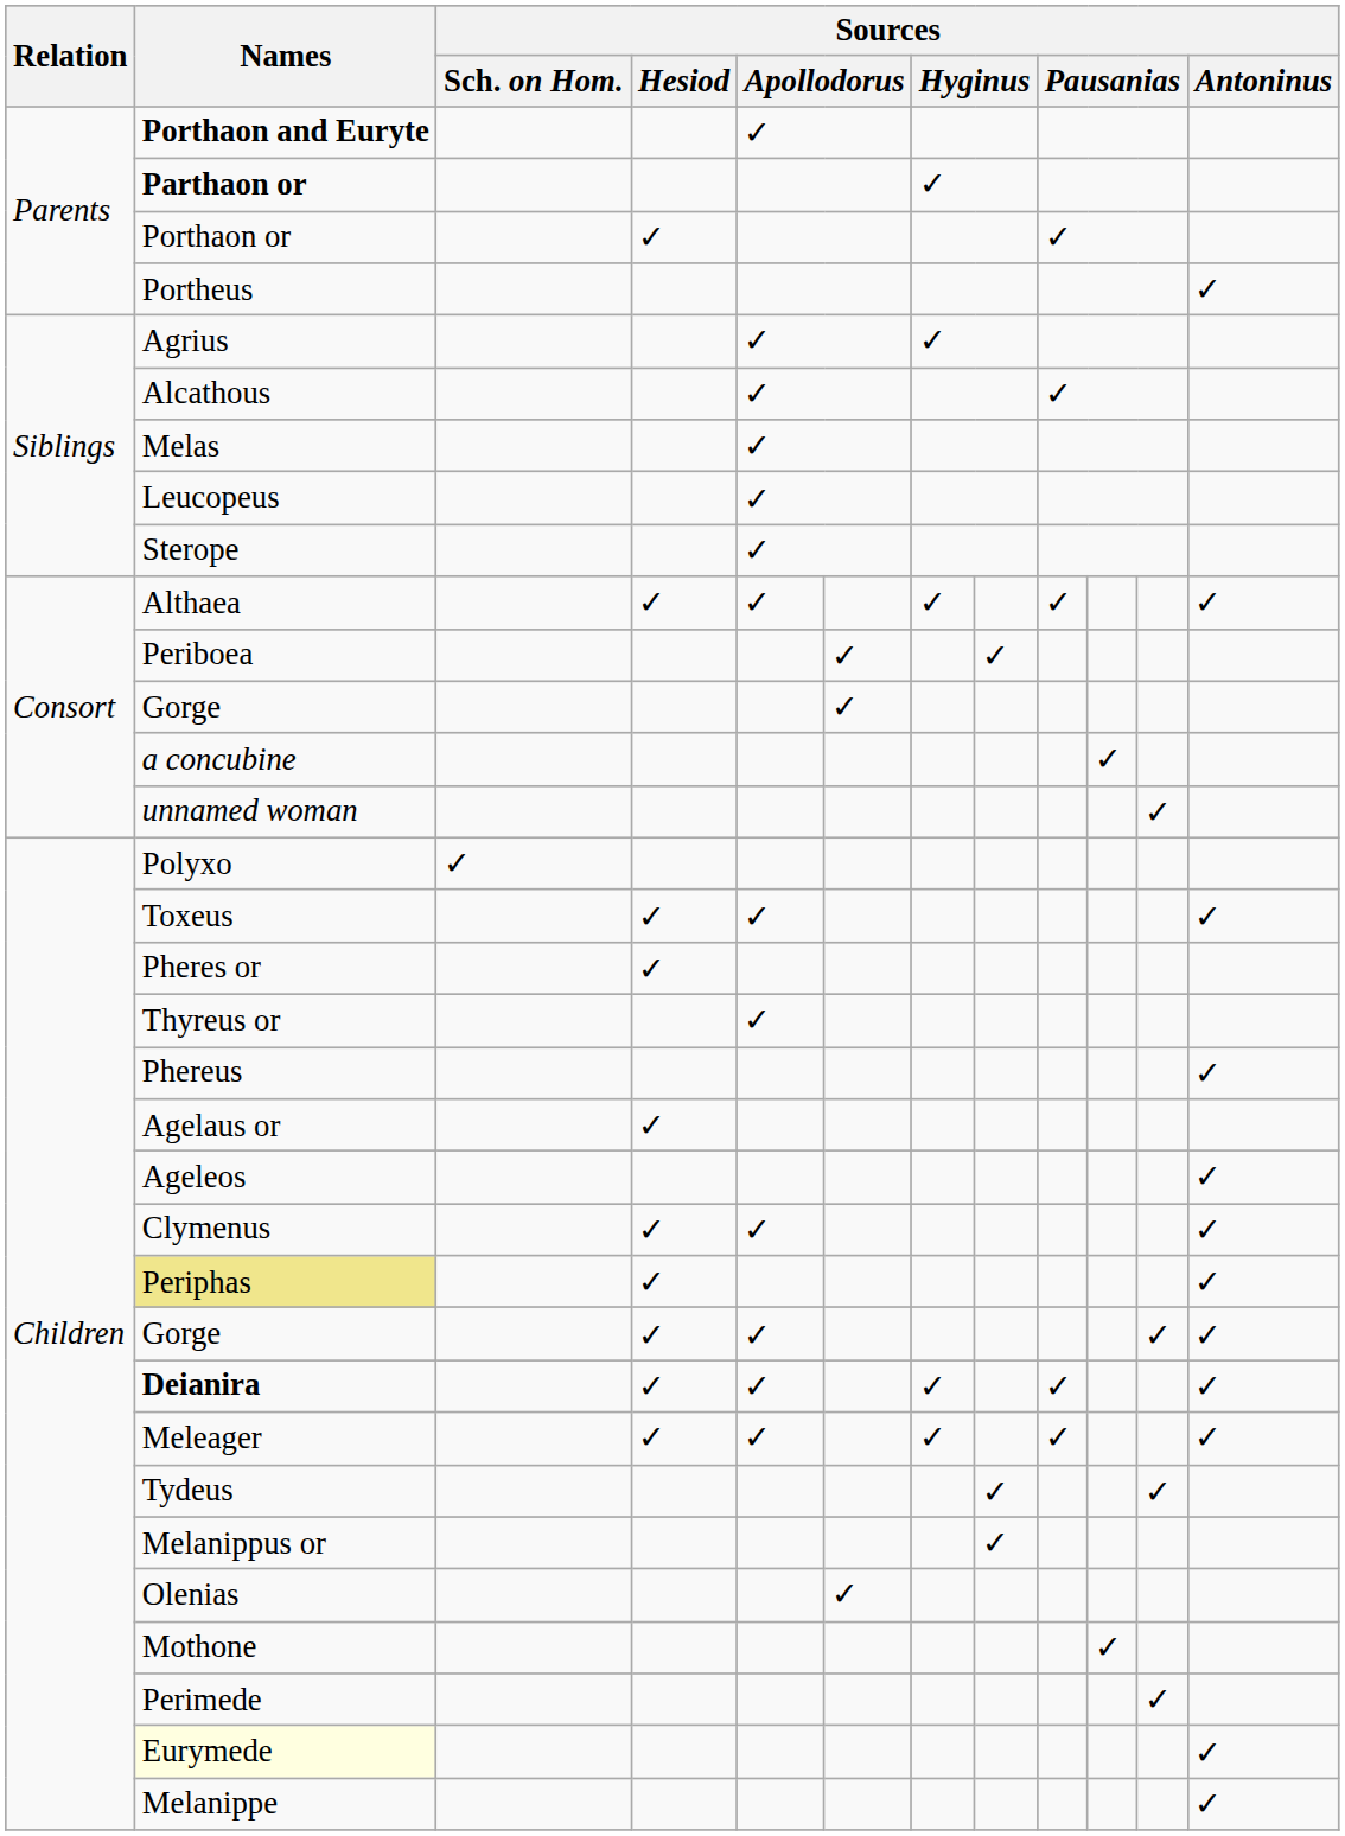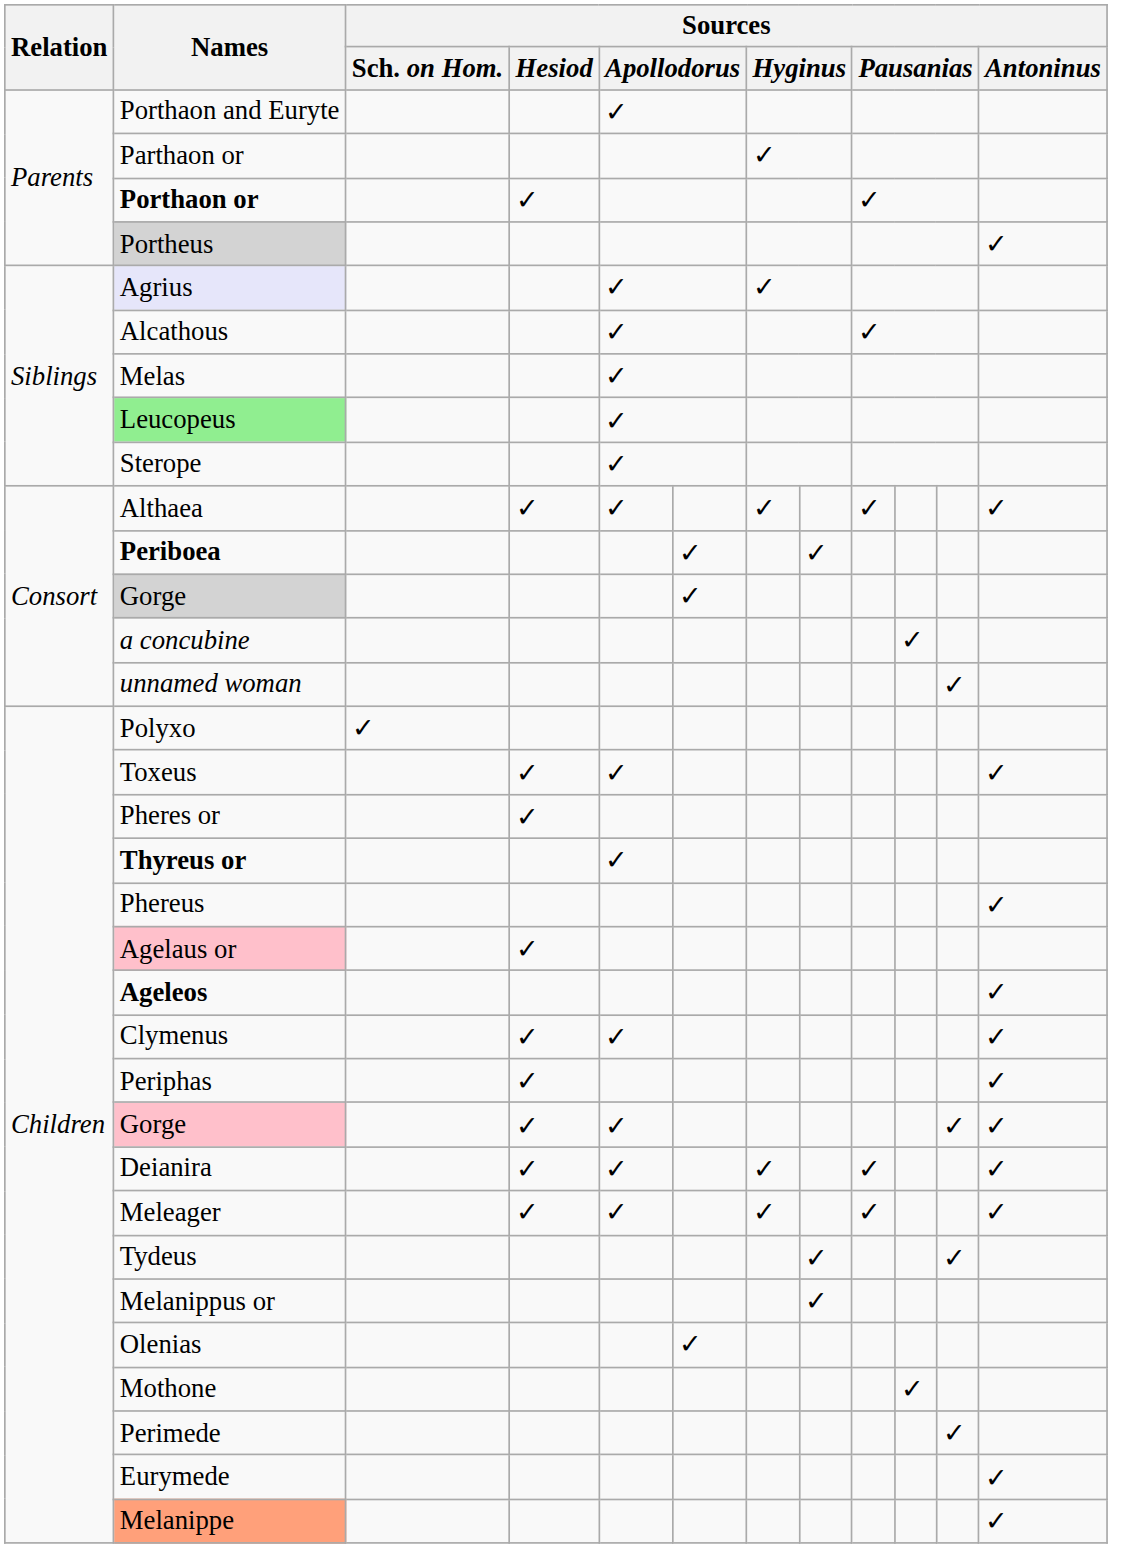 <table class="wikitable">
 <tr>
 <th scope="col" rowspan="2">Relation</th>
 <th scope="col" rowspan="2">Names</th>
 <th scope="col" colspan="10">Sources</th>
 </tr>
 <tr>
 <th scope="col">Sch. <em>on Hom.</em></th>
 <th scope="col"><em>Hesiod</em></th>
 <th scope="col" colspan="2"><em>Apollodorus</em></th>
 <th scope="col" colspan="2"><em>Hyginus</em></th>
 <th scope="col" colspan="3"><em>Pausanias</em></th>
 <th scope="col"><em>Antoninus</em></th>
 </tr>
 <tr>
 <td scope="row" rowspan="4"><em>Parents</em></td>
-<td><strong>Porthaon and Euryte</strong></td>
+<td>Porthaon and Euryte</td>
 <td></td>
 <td></td>
 <td colspan="2">✓</td>
 <td colspan="2"></td>
 <td colspan="3"></td>
 <td></td>
 </tr>
 <tr>
-<td scope="row"><strong>Parthaon or</strong></td>
+<td scope="row">Parthaon or</td>
 <td></td>
 <td></td>
 <td colspan="2"></td>
 <td colspan="2">✓</td>
 <td colspan="3"></td>
 <td></td>
 </tr>
 <tr>
-<td scope="row">Porthaon or</td>
+<td scope="row"><strong>Porthaon or</strong></td>
 <td></td>
 <td>✓</td>
 <td colspan="2"></td>
 <td colspan="2"></td>
 <td colspan="3">✓</td>
 <td></td>
 </tr>
 <tr>
-<td scope="row">Portheus</td>
+<td scope="row" style="background: lightgrey;">Portheus</td>
 <td></td>
 <td></td>
 <td colspan="2"></td>
 <td colspan="2"></td>
 <td colspan="3"></td>
 <td>✓</td>
 </tr>
 <tr>
 <td scope="row" rowspan="5"><em>Siblings</em></td>
-<td>Agrius</td>
+<td style="background: lavender;">Agrius</td>
 <td></td>
 <td></td>
 <td colspan="2">✓</td>
 <td colspan="2">✓</td>
 <td colspan="3"></td>
 <td></td>
 </tr>
 <tr>
 <td scope="row">Alcathous</td>
 <td></td>
 <td></td>
 <td colspan="2">✓</td>
 <td colspan="2"></td>
 <td colspan="3">✓</td>
 <td></td>
 </tr>
 <tr>
 <td scope="row">Melas</td>
 <td></td>
 <td></td>
 <td colspan="2">✓</td>
 <td colspan="2"></td>
 <td colspan="3"></td>
 <td></td>
 </tr>
 <tr>
-<td scope="row">Leucopeus</td>
+<td scope="row" style="background: lightgreen;">Leucopeus</td>
 <td></td>
 <td></td>
 <td colspan="2">✓</td>
 <td colspan="2"></td>
 <td colspan="3"></td>
 <td></td>
 </tr>
 <tr>
 <td scope="row">Sterope</td>
 <td></td>
 <td></td>
 <td colspan="2">✓</td>
 <td colspan="2"></td>
 <td colspan="3"></td>
 <td></td>
 </tr>
 <tr>
 <td scope="row" rowspan="5"><em>Consort</em></td>
 <td>Althaea</td>
 <td></td>
 <td>✓</td>
 <td>✓</td>
 <td></td>
 <td>✓</td>
 <td></td>
 <td>✓</td>
 <td></td>
 <td></td>
 <td>✓</td>
 </tr>
 <tr>
-<td scope="row">Periboea</td>
+<td scope="row"><strong>Periboea</strong></td>
 <td></td>
 <td></td>
 <td></td>
 <td>✓</td>
 <td></td>
 <td>✓</td>
 <td></td>
 <td></td>
 <td></td>
 <td></td>
 </tr>
 <tr>
-<td scope="row">Gorge</td>
+<td scope="row" style="background: lightgrey;">Gorge</td>
 <td></td>
 <td></td>
 <td></td>
 <td>✓</td>
 <td></td>
 <td></td>
 <td></td>
 <td></td>
 <td></td>
 <td></td>
 </tr>
 <tr>
 <td scope="row"><em>a concubine</em></td>
 <td></td>
 <td></td>
 <td></td>
 <td></td>
 <td></td>
 <td></td>
 <td></td>
 <td>✓</td>
 <td></td>
 <td></td>
 </tr>
 <tr>
 <td scope="row"><em>unnamed woman</em></td>
 <td></td>
 <td></td>
 <td></td>
 <td></td>
 <td></td>
 <td></td>
 <td></td>
 <td></td>
 <td>✓</td>
 <td></td>
 </tr>
 <tr>
 <td scope="row" rowspan="19"><em>Children</em></td>
 <td>Polyxo</td>
 <td>✓</td>
 <td></td>
 <td></td>
 <td></td>
 <td></td>
 <td></td>
 <td></td>
 <td></td>
 <td></td>
 <td></td>
 </tr>
 <tr>
 <td scope="row">Toxeus</td>
 <td></td>
 <td>✓</td>
 <td>✓</td>
 <td></td>
 <td></td>
 <td></td>
 <td></td>
 <td></td>
 <td></td>
 <td>✓</td>
 </tr>
 <tr>
 <td scope="row">Pheres or</td>
 <td></td>
 <td>✓</td>
 <td></td>
 <td></td>
 <td></td>
 <td></td>
 <td></td>
 <td></td>
 <td></td>
 <td></td>
 </tr>
 <tr>
-<td scope="row">Thyreus or</td>
+<td scope="row"><strong>Thyreus or</strong></td>
 <td></td>
 <td></td>
 <td>✓</td>
 <td></td>
 <td></td>
 <td></td>
 <td></td>
 <td></td>
 <td></td>
 <td></td>
 </tr>
 <tr>
 <td scope="row">Phereus</td>
 <td></td>
 <td></td>
 <td></td>
 <td></td>
 <td></td>
 <td></td>
 <td></td>
 <td></td>
 <td></td>
 <td>✓</td>
 </tr>
 <tr>
-<td scope="row">Agelaus or</td>
+<td scope="row" style="background: pink;">Agelaus or</td>
 <td></td>
 <td>✓</td>
 <td></td>
 <td></td>
 <td></td>
 <td></td>
 <td></td>
 <td></td>
 <td></td>
 <td></td>
 </tr>
 <tr>
-<td scope="row">Ageleos</td>
+<td scope="row"><strong>Ageleos</strong></td>
 <td></td>
 <td></td>
 <td></td>
 <td></td>
 <td></td>
 <td></td>
 <td></td>
 <td></td>
 <td></td>
 <td>✓</td>
 </tr>
 <tr>
 <td scope="row">Clymenus</td>
 <td></td>
 <td>✓</td>
 <td>✓</td>
 <td></td>
 <td></td>
 <td></td>
 <td></td>
 <td></td>
 <td></td>
 <td>✓</td>
 </tr>
 <tr>
-<td scope="row" style="background: khaki;">Periphas</td>
+<td scope="row">Periphas</td>
 <td></td>
 <td>✓</td>
 <td></td>
 <td></td>
 <td></td>
 <td></td>
 <td></td>
 <td></td>
 <td></td>
 <td>✓</td>
 </tr>
 <tr>
-<td scope="row">Gorge</td>
+<td scope="row" style="background: pink;">Gorge</td>
 <td></td>
 <td>✓</td>
 <td>✓</td>
 <td></td>
 <td></td>
 <td></td>
 <td></td>
 <td></td>
 <td>✓</td>
 <td>✓</td>
 </tr>
 <tr>
-<td scope="row"><strong>Deianira</strong></td>
+<td scope="row">Deianira</td>
 <td></td>
 <td>✓</td>
 <td>✓</td>
 <td></td>
 <td>✓</td>
 <td></td>
 <td>✓</td>
 <td></td>
 <td></td>
 <td>✓</td>
 </tr>
 <tr>
 <td scope="row">Meleager</td>
 <td></td>
 <td>✓</td>
 <td>✓</td>
 <td></td>
 <td>✓</td>
 <td></td>
 <td>✓</td>
 <td></td>
 <td></td>
 <td>✓</td>
 </tr>
 <tr>
 <td scope="row">Tydeus</td>
 <td></td>
 <td></td>
 <td></td>
 <td></td>
 <td></td>
 <td>✓</td>
 <td></td>
 <td></td>
 <td>✓</td>
 <td></td>
 </tr>
 <tr>
 <td scope="row">Melanippus or</td>
 <td></td>
 <td></td>
 <td></td>
 <td></td>
 <td></td>
 <td>✓</td>
 <td></td>
 <td></td>
 <td></td>
 <td></td>
 </tr>
 <tr>
 <td scope="row">Olenias</td>
 <td></td>
 <td></td>
 <td></td>
 <td>✓</td>
 <td></td>
 <td></td>
 <td></td>
 <td></td>
 <td></td>
 <td></td>
 </tr>
 <tr>
 <td scope="row">Mothone</td>
 <td></td>
 <td></td>
 <td></td>
 <td></td>
 <td></td>
 <td></td>
 <td></td>
 <td>✓</td>
 <td></td>
 <td></td>
 </tr>
 <tr>
 <td scope="row">Perimede</td>
 <td></td>
 <td></td>
 <td></td>
 <td></td>
 <td></td>
 <td></td>
 <td></td>
 <td></td>
 <td>✓</td>
 <td></td>
 </tr>
 <tr>
-<td scope="row" style="background: lightyellow;">Eurymede</td>
+<td scope="row">Eurymede</td>
 <td></td>
 <td></td>
 <td></td>
 <td></td>
 <td></td>
 <td></td>
 <td></td>
 <td></td>
 <td></td>
 <td>✓</td>
 </tr>
 <tr>
-<td scope="row">Melanippe</td>
+<td scope="row" style="background: lightsalmon;">Melanippe</td>
 <td></td>
 <td></td>
 <td></td>
 <td></td>
 <td></td>
 <td></td>
 <td></td>
 <td></td>
 <td></td>
 <td>✓</td>
 </tr>
 </table>
